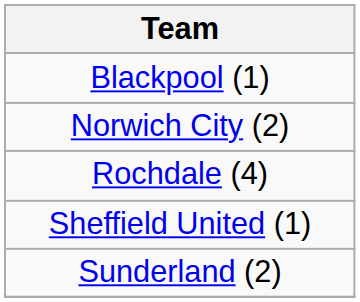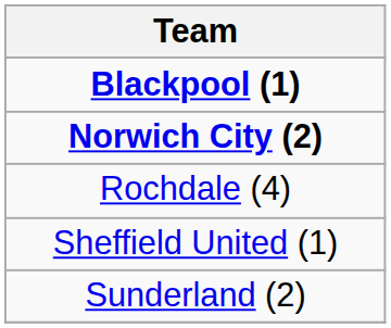 <table class="wikitable" style="text-align:center;">
 <tr>
 <th width=175>Team</th>
 </tr>
 <tr>
-<td><a href='#'>Blackpool</a> (1)</td>
+<td><strong><a href='#'>Blackpool</a> (1)</strong></td>
 </tr>
 <tr>
-<td><a href='#'>Norwich City</a> (2)</td>
+<td><strong><a href='#'>Norwich City</a> (2)</strong></td>
 </tr>
 <tr>
 <td><a href='#'>Rochdale</a> (4)</td>
 </tr>
 <tr>
 <td><a href='#'>Sheffield United</a> (1)</td>
 </tr>
 <tr>
 <td><a href='#'>Sunderland</a> (2)</td>
 </tr>
 <tr>
 </tr>
 </table>
